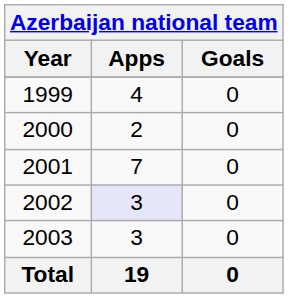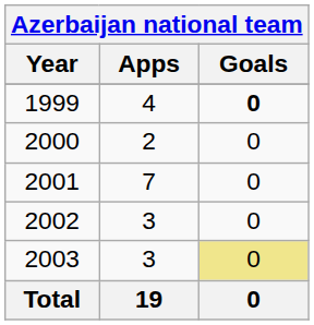 <table class="wikitable" style="text-align:center">
 <tr>
 <th colspan=3><a href='#'>Azerbaijan national team</a></th>
 </tr>
 <tr>
 <th>Year</th>
 <th>Apps</th>
 <th>Goals</th>
 </tr>
 <tr>
 </tr>
 <tr>
 <td>1999</td>
 <td>4</td>
-<td>0</td>
+<td><strong>0</strong></td>
 </tr>
 <tr>
 <td>2000</td>
 <td>2</td>
 <td>0</td>
 </tr>
 <tr>
 <td>2001</td>
 <td>7</td>
 <td>0</td>
 </tr>
 <tr>
 <td>2002</td>
-<td style="background: lavender;">3</td>
+<td>3</td>
 <td>0</td>
 </tr>
 <tr>
 <td>2003</td>
 <td>3</td>
-<td>0</td>
+<td style="background: khaki;">0</td>
 </tr>
 <tr>
 <th>Total</th>
 <th>19</th>
 <th>0</th>
 </tr>
 </table>
